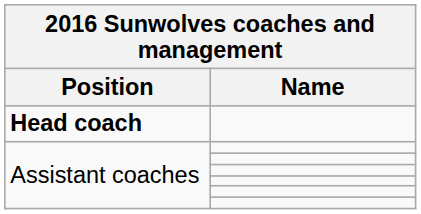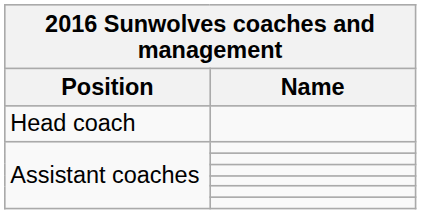 <table class="wikitable sortable" style="text-align:left; font-size:90%; width:20%">
 <tr>
 <th colspan=100%>2016 Sunwolves coaches and management</th>
 </tr>
 <tr>
 <th style="width:50%;">Position</th>
 <th style="width:50%;">Name</th>
 </tr>
 <tr>
-<td><strong>Head coach</strong></td>
+<td>Head coach</td>
 <td></td>
 </tr>
 <tr>
 <td rowspan=6>Assistant coaches</td>
 <td></td>
 </tr>
 <tr>
 <td></td>
 </tr>
 <tr>
 <td></td>
 </tr>
 <tr>
 <td></td>
 </tr>
 <tr>
 <td></td>
 </tr>
 <tr>
 <td></td>
 </tr>
 </table>
